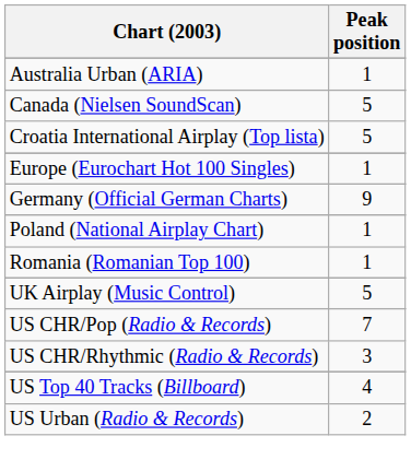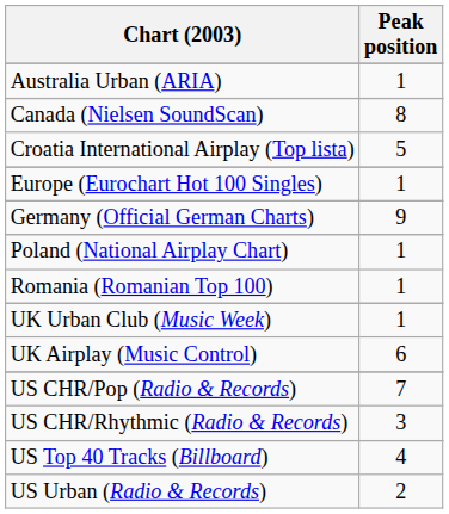 <table class="wikitable sortable">
 <tr>
 <th>Chart (2003)</th>
 <th>Peak<br>position</th>
 </tr>
 <tr>
 </tr>
 <tr>
 <td align="left">Australia Urban (<a href='#'>ARIA</a>)</td>
 <td align="center">1</td>
 </tr>
 <tr>
 </tr>
 <tr>
 </tr>
 <tr>
 </tr>
 <tr>
 <td align="left">Canada (<a href='#'>Nielsen SoundScan</a>)</td>
-<td align="center">5</td>
+<td align="center">8</td>
 </tr>
 <tr>
 <td>Croatia International Airplay (<a href='#'>Top lista</a>)</td>
 <td align="center">5</td>
 </tr>
 <tr>
 </tr>
 <tr>
 <td align="left">Europe (<a href='#'>Eurochart Hot 100 Singles</a>)</td>
 <td align="center">1</td>
 </tr>
 <tr>
 </tr>
 <tr>
 <td align="left">Germany (<a href='#'>Official German Charts</a>)</td>
 <td align="center">9</td>
 </tr>
 <tr>
 </tr>
 <tr>
 </tr>
 <tr>
 </tr>
 <tr>
 </tr>
 <tr>
 </tr>
 <tr>
 </tr>
 <tr>
 </tr>
 <tr>
 </tr>
 <tr>
 <td align="left">Poland (<a href='#'>National Airplay Chart</a>)</td>
 <td align="center">1</td>
 </tr>
 <tr>
 <td align="left">Romania (<a href='#'>Romanian Top 100</a>)</td>
 <td align="center">1</td>
 </tr>
 <tr>
 </tr>
 <tr>
 </tr>
 <tr>
 </tr>
 <tr>
 </tr>
 <tr>
 </tr>
 <tr>
+<td>UK Urban Club (<em><a href='#'>Music Week</a></em>)</td>
+<td align="center">1</td>
+</tr>
+<tr>
 <td>UK Airplay (<a href='#'>Music Control</a>)</td>
-<td align="center">5</td>
+<td align="center">6</td>
 </tr>
 <tr>
 </tr>
 <tr>
 <td align="left">US CHR/Pop (<em><a href='#'>Radio & Records</a></em>)</td>
 <td align="center">7</td>
 </tr>
 <tr>
 <td align="left">US CHR/Rhythmic (<em><a href='#'>Radio & Records</a></em>)</td>
 <td align="center">3</td>
 </tr>
 <tr>
 </tr>
 <tr>
 </tr>
 <tr>
 </tr>
 <tr>
 </tr>
 <tr>
 <td align="left">US <a href='#'>Top 40 Tracks</a> (<em><a href='#'>Billboard</a></em>)</td>
 <td align="center">4</td>
 </tr>
 <tr>
 <td align="left">US Urban (<em><a href='#'>Radio & Records</a></em>)</td>
 <td align="center">2</td>
 </tr>
 </table>
